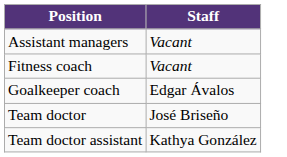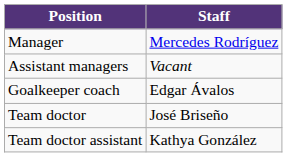 <table class="wikitable">
 <tr>
 <th style=background-color:#523379;color:#FFFFFF>Position</th>
 <th style=background-color:#523379;color:#FFFFFF>Staff</th>
 </tr>
 <tr>
-<td>Assistant managers</td>
-<td><em>Vacant</em></td>
+<td>Manager</td>
+<td> <a href='#'>Mercedes Rodríguez</a></td>
 </tr>
 <tr>
-<td>Fitness coach</td>
+<td>Assistant managers</td>
 <td><em>Vacant</em></td>
 </tr>
 <tr>
 <td>Goalkeeper coach</td>
 <td> Edgar Ávalos</td>
 </tr>
 <tr>
 <td>Team doctor</td>
 <td> José Briseño</td>
 </tr>
 <tr>
 <td>Team doctor assistant</td>
 <td> Kathya González</td>
 </tr>
 </table>
